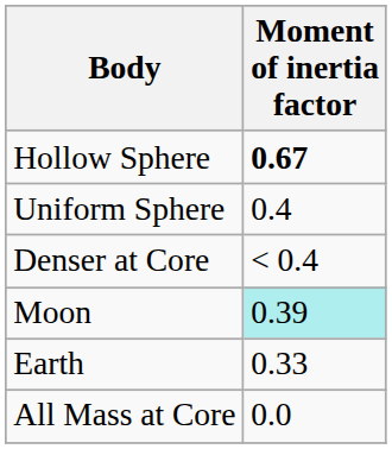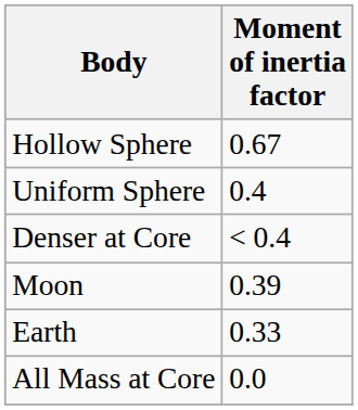 <table class="wikitable floatright ">
 <tr>
 <th>Body</th>
 <th>Moment<br> of inertia<br> factor</th>
 </tr>
 <tr>
 <td>Hollow Sphere</td>
-<td><strong>0.67</strong></td>
+<td>0.67</td>
 </tr>
 <tr>
 <td>Uniform Sphere</td>
 <td>0.4</td>
 </tr>
 <tr>
 <td>Denser at Core</td>
 <td>< 0.4</td>
 </tr>
 <tr>
 <td>Moon</td>
-<td style="background: paleturquoise;">0.39</td>
+<td>0.39</td>
 </tr>
 <tr>
 <td>Earth</td>
 <td>0.33</td>
 </tr>
 <tr>
 <td>All Mass at Core</td>
 <td>0.0</td>
 </tr>
 </table>
